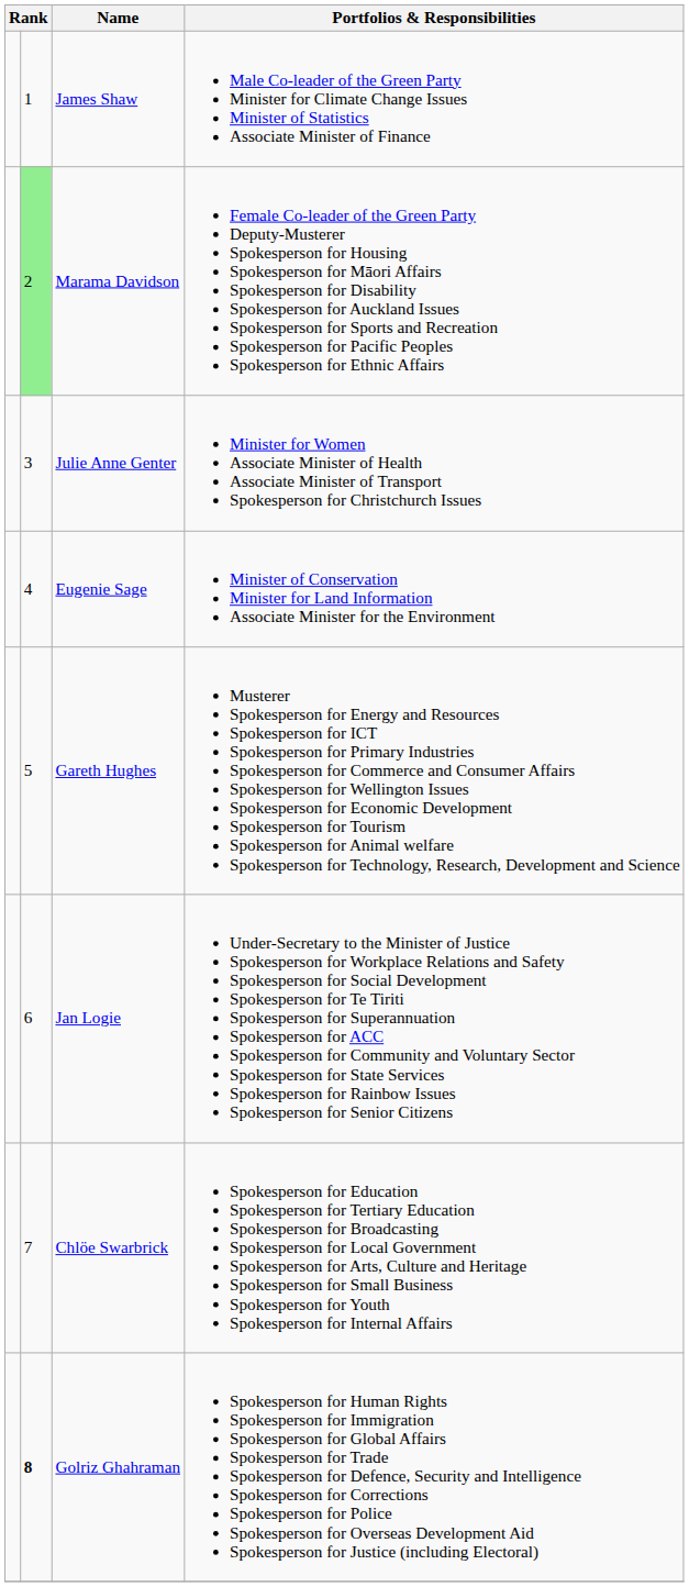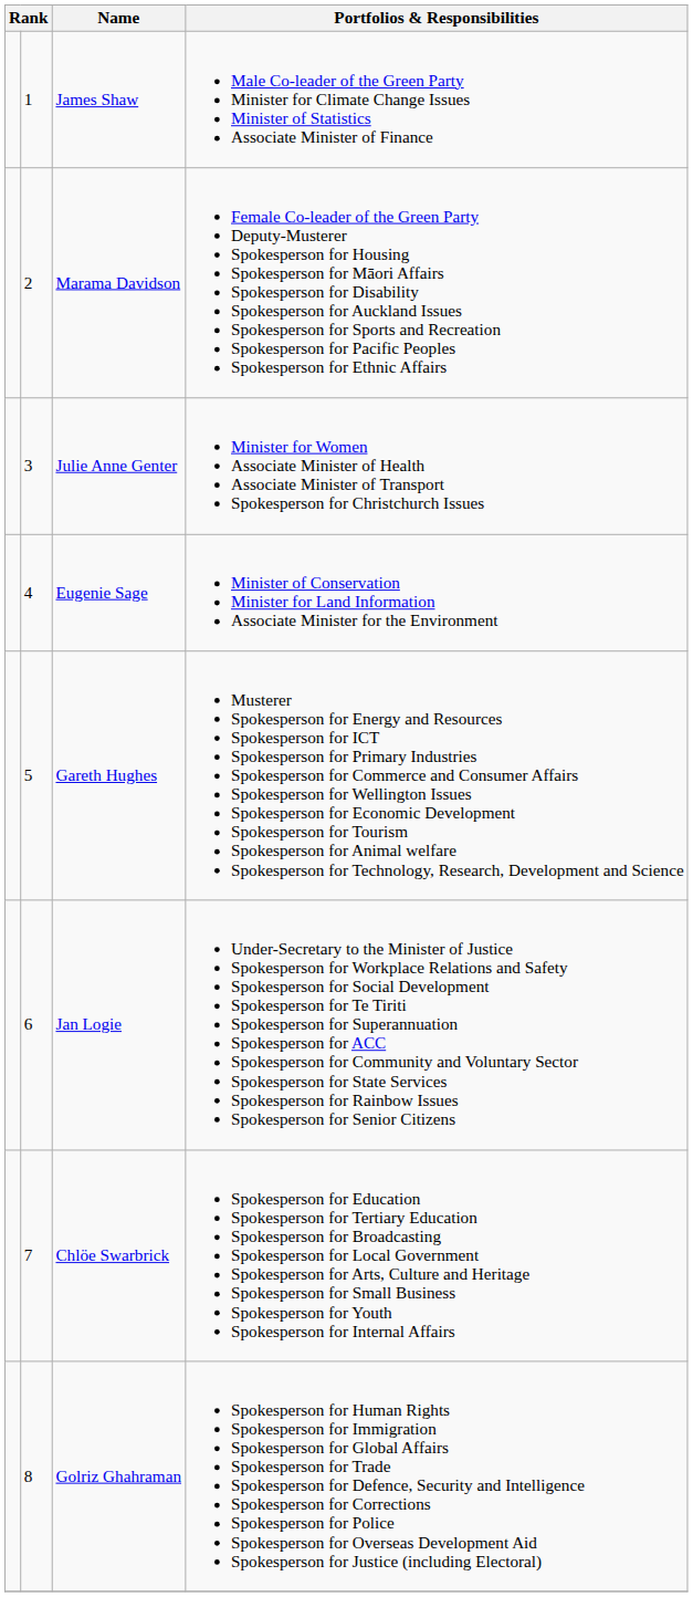 <table class="wikitable">
 <tr>
 <th colspan="2">Rank</th>
 <th>Name</th>
 <th>Portfolios & Responsibilities</th>
 </tr>
 <tr id="Table row 1">
 <td bgcolor=></td>
 <td>1</td>
 <td><a href='#'>James Shaw</a></td>
 <td><br><ul><li><a href='#'>Male Co-leader of the Green Party</a></li><li>Minister for Climate Change Issues</li><li><a href='#'>Minister of Statistics</a></li><li>Associate Minister of Finance</li></ul></td>
 </tr>
 <tr id="Table row 2">
 <td bgcolor=></td>
-<td style="background: lightgreen;">2</td>
+<td>2</td>
 <td><a href='#'>Marama Davidson</a></td>
 <td><br><ul><li><a href='#'>Female Co-leader of the Green Party</a></li><li>Deputy-Musterer</li><li>Spokesperson for Housing</li><li>Spokesperson for Māori Affairs</li><li>Spokesperson for Disability</li><li>Spokesperson for Auckland Issues</li><li>Spokesperson for Sports and Recreation</li><li>Spokesperson for Pacific Peoples</li><li>Spokesperson for Ethnic Affairs</li></ul></td>
 </tr>
 <tr id="Table row 3">
 <td bgcolor=></td>
 <td>3</td>
 <td><a href='#'>Julie Anne Genter</a></td>
 <td><br><ul><li><a href='#'>Minister for Women</a></li><li>Associate Minister of Health</li><li>Associate Minister of Transport</li><li>Spokesperson for Christchurch Issues</li></ul></td>
 </tr>
 <tr id="Table row 4">
 <td bgcolor=></td>
 <td>4</td>
 <td><a href='#'>Eugenie Sage</a></td>
 <td><br><ul><li><a href='#'>Minister of Conservation</a></li><li><a href='#'>Minister for Land Information</a></li><li>Associate Minister for the Environment</li></ul></td>
 </tr>
 <tr id="Table row 5">
 <td bgcolor=></td>
 <td>5</td>
 <td><a href='#'>Gareth Hughes</a></td>
 <td><br><ul><li>Musterer</li><li>Spokesperson for Energy and Resources</li><li>Spokesperson for ICT</li><li>Spokesperson for Primary Industries</li><li>Spokesperson for Commerce and Consumer Affairs</li><li>Spokesperson for Wellington Issues</li><li>Spokesperson for Economic Development</li><li>Spokesperson for Tourism</li><li>Spokesperson for Animal welfare</li><li>Spokesperson for Technology, Research, Development and Science</li></ul></td>
 </tr>
 <tr id="Table row 6">
 <td bgcolor=></td>
 <td>6</td>
 <td><a href='#'>Jan Logie</a></td>
 <td><br><ul><li>Under-Secretary to the Minister of Justice</li><li>Spokesperson for Workplace Relations and Safety</li><li>Spokesperson for Social Development</li><li>Spokesperson for Te Tiriti</li><li>Spokesperson for Superannuation</li><li>Spokesperson for <a href='#'>ACC</a></li><li>Spokesperson for Community and Voluntary Sector</li><li>Spokesperson for State Services</li><li>Spokesperson for Rainbow Issues</li><li>Spokesperson for Senior Citizens</li></ul></td>
 </tr>
 <tr id="Table row 7">
 <td bgcolor=></td>
 <td>7</td>
 <td><a href='#'>Chlöe Swarbrick</a></td>
 <td><br><ul><li>Spokesperson for Education</li><li>Spokesperson for Tertiary Education</li><li>Spokesperson for Broadcasting</li><li>Spokesperson for Local Government</li><li>Spokesperson for Arts, Culture and Heritage</li><li>Spokesperson for Small Business</li><li>Spokesperson for Youth</li><li>Spokesperson for Internal Affairs</li></ul></td>
 </tr>
 <tr id="Table row 8">
 <td bgcolor=></td>
-<td><strong>8</strong></td>
+<td>8</td>
 <td><a href='#'>Golriz Ghahraman</a></td>
 <td><br><ul><li>Spokesperson for Human Rights</li><li>Spokesperson for Immigration</li><li>Spokesperson for Global Affairs</li><li>Spokesperson for Trade</li><li>Spokesperson for Defence, Security and Intelligence</li><li>Spokesperson for Corrections</li><li>Spokesperson for Police</li><li>Spokesperson for Overseas Development Aid</li><li>Spokesperson for Justice (including Electoral)</li></ul></td>
 </tr>
 <tr>
 </tr>
 </table>
